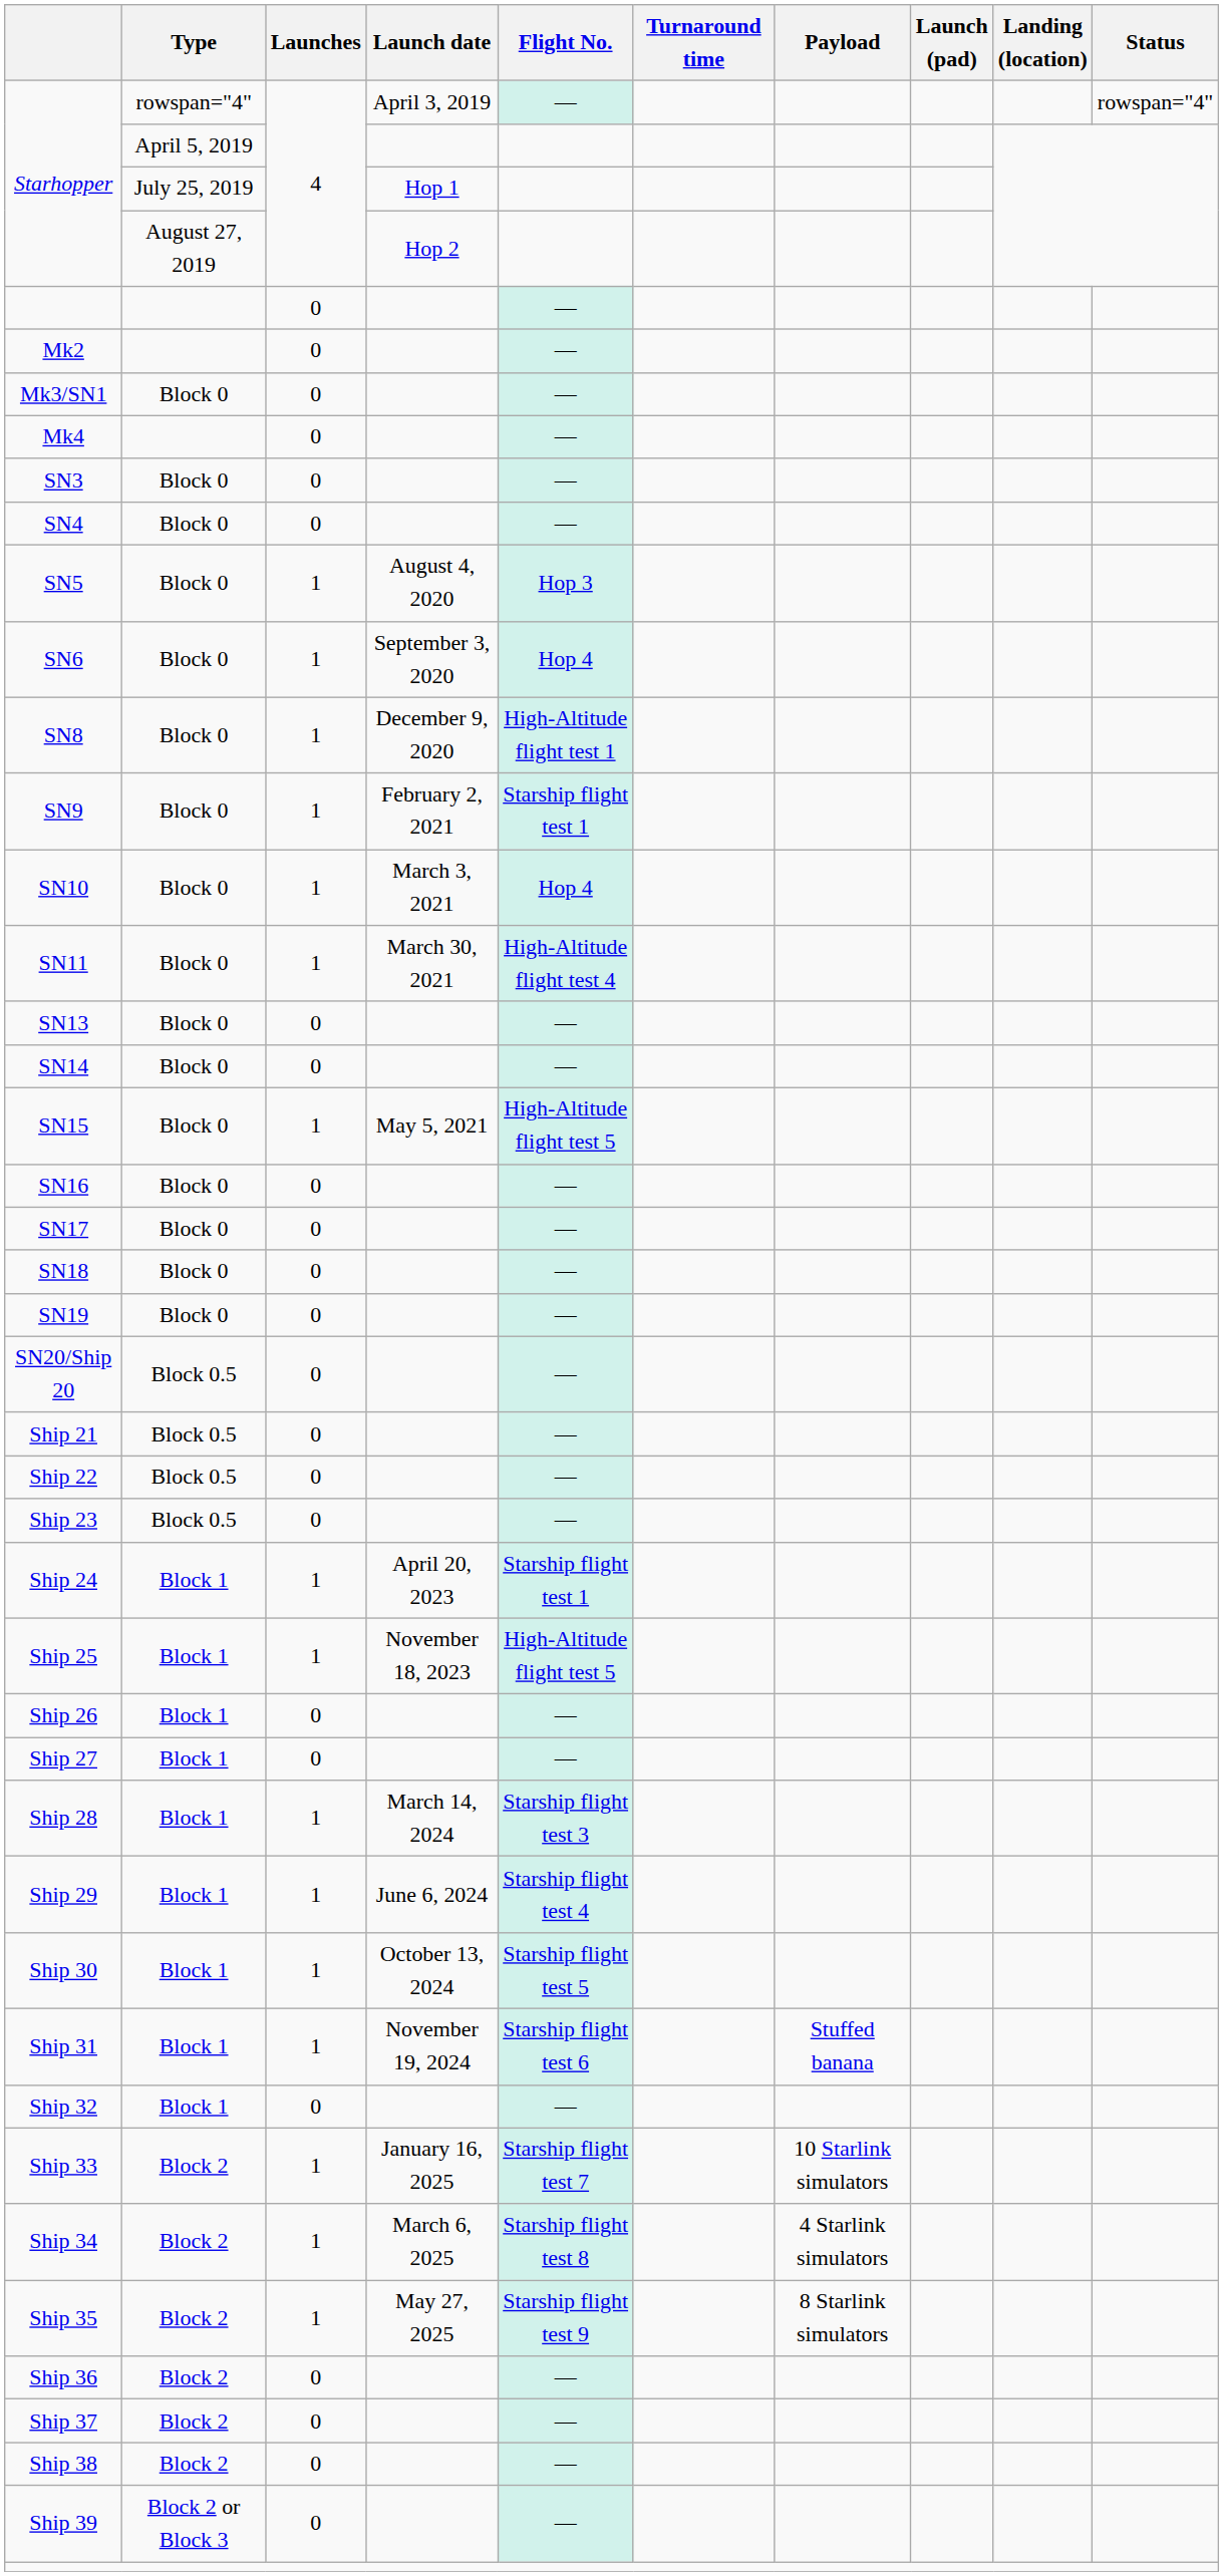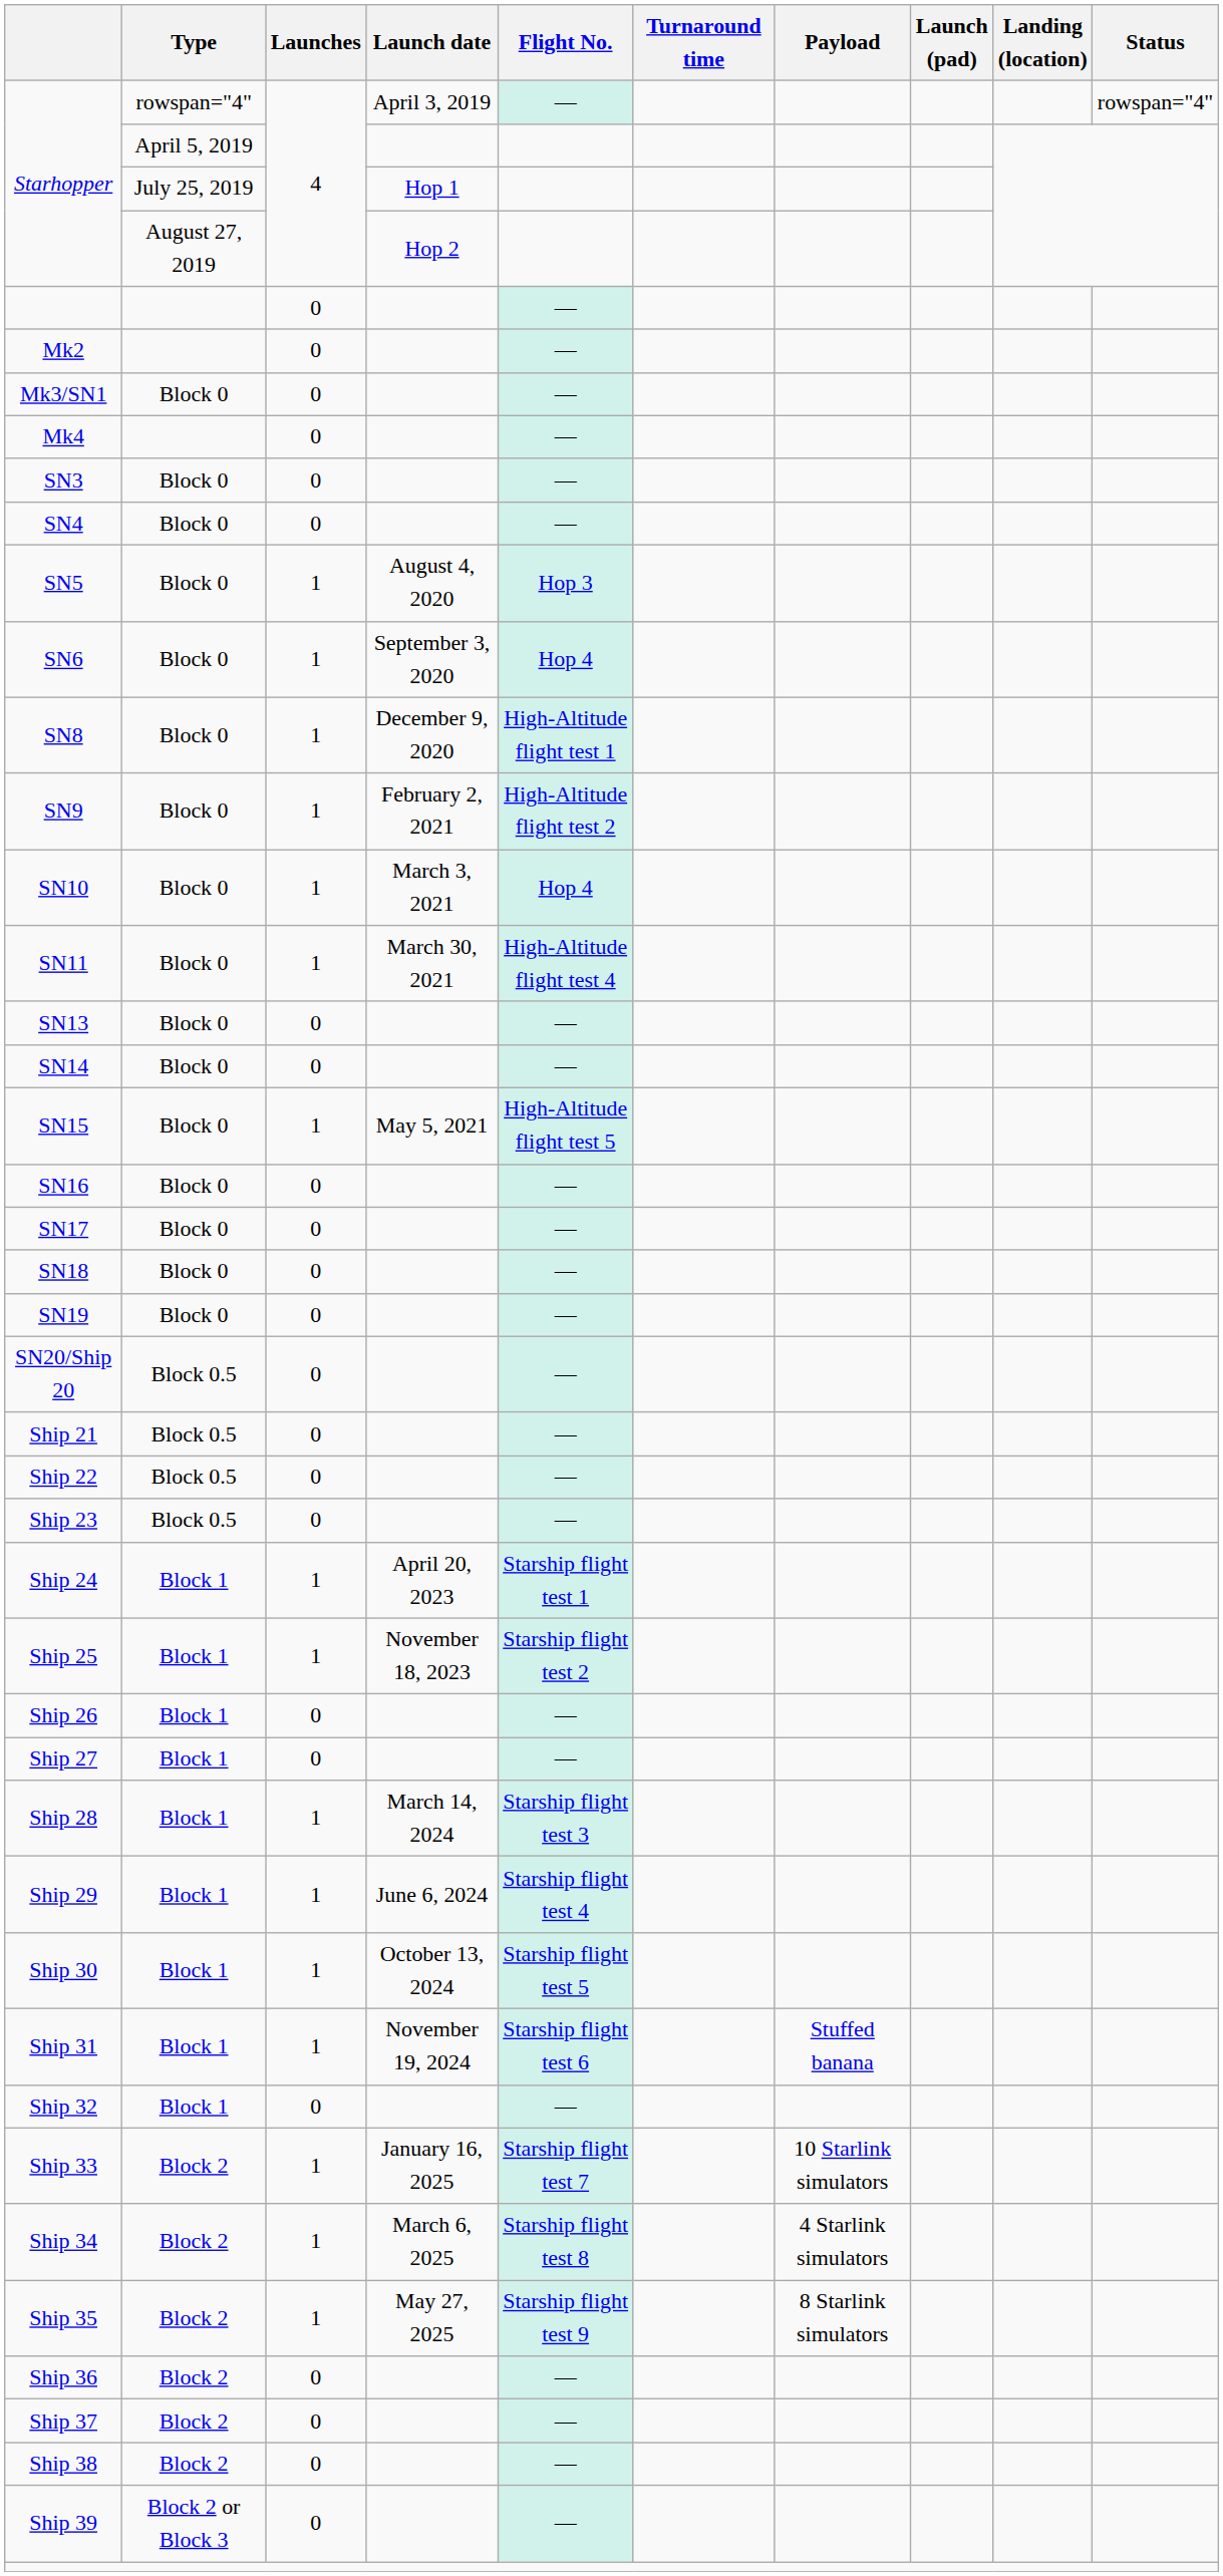 <table class="wikitable sortable sticky-header" style="font-size:1.00em; line-height:1.5em; text-align:center; width: 100%;">
 <tr>
 <th></th>
 <th>Type</th>
 <th>Launches</th>
 <th>Launch date</th>
 <th data-sort-type="text"><a href='#'>Flight No.</a></th>
 <th><a href='#'>Turnaround time</a></th>
 <th>Payload</th>
 <th>Launch<br>(pad)</th>
 <th>Landing<br>(location)</th>
 <th>Status</th>
 </tr>
 <tr>
 <td rowspan="4"><a href='#'><em>Starhopper</em></a></td>
 <td>rowspan="4" </td>
 <td rowspan="4">4</td>
 <td>April 3, 2019</td>
 <td style="background:#D1F2EB">—</td>
 <td></td>
 <td></td>
 <td></td>
 <td></td>
 <td>rowspan="4" </td>
 </tr>
 <tr>
 <td>April 5, 2019</td>
 <td></td>
 <td></td>
 <td></td>
 <td></td>
 <td></td>
 </tr>
 <tr>
 <td>July 25, 2019</td>
 <td><a href='#'>Hop 1</a></td>
 <td></td>
 <td></td>
 <td></td>
 <td></td>
 </tr>
 <tr>
 <td>August 27, 2019</td>
 <td><a href='#'>Hop 2</a></td>
 <td></td>
 <td></td>
 <td></td>
 <td></td>
 </tr>
 <tr>
 <td><a href='#'></a></td>
 <td></td>
 <td>0</td>
 <td></td>
 <td style="background:#D1F2EB">—</td>
 <td></td>
 <td></td>
 <td></td>
 <td></td>
 <td></td>
 </tr>
 <tr>
 <td><a href='#'>Mk2</a></td>
 <td></td>
 <td>0</td>
 <td></td>
 <td style="background:#D1F2EB">—</td>
 <td></td>
 <td></td>
 <td></td>
 <td></td>
 <td></td>
 </tr>
 <tr>
 <td><a href='#'>Mk3/SN1</a></td>
 <td>Block 0</td>
 <td>0</td>
 <td></td>
 <td style="background:#D1F2EB">—</td>
 <td></td>
 <td></td>
 <td></td>
 <td></td>
 <td></td>
 </tr>
 <tr>
 <td><a href='#'>Mk4</a></td>
 <td></td>
 <td>0</td>
 <td></td>
 <td style="background:#D1F2EB">—</td>
 <td></td>
 <td></td>
 <td></td>
 <td></td>
 <td></td>
 </tr>
 <tr>
 <td><a href='#'>SN3</a></td>
 <td>Block 0</td>
 <td>0</td>
 <td></td>
 <td style="background:#D1F2EB">—</td>
 <td></td>
 <td></td>
 <td></td>
 <td></td>
 <td></td>
 </tr>
 <tr>
 <td><a href='#'>SN4</a></td>
 <td>Block 0</td>
 <td>0</td>
 <td></td>
 <td style="background:#D1F2EB">—</td>
 <td></td>
 <td></td>
 <td></td>
 <td></td>
 <td></td>
 </tr>
 <tr>
 <td><a href='#'>SN5</a></td>
 <td>Block 0</td>
 <td>1</td>
 <td>August 4, 2020</td>
 <td style="background:#D1F2EB"><a href='#'>Hop 3</a></td>
 <td></td>
 <td></td>
 <td></td>
 <td></td>
 <td></td>
 </tr>
 <tr>
 <td><a href='#'>SN6</a></td>
 <td>Block 0</td>
 <td>1</td>
 <td>September 3, 2020</td>
 <td style="background:#D1F2EB"><a href='#'>Hop 4</a></td>
 <td></td>
 <td></td>
 <td></td>
 <td></td>
 <td></td>
 </tr>
 <tr>
 <td><a href='#'>SN8</a></td>
 <td>Block 0</td>
 <td>1</td>
 <td>December 9, 2020</td>
 <td style="background:#D1F2EB"><a href='#'>High-Altitude flight test 1</a></td>
 <td></td>
 <td></td>
 <td></td>
 <td></td>
 <td></td>
 </tr>
 <tr>
 <td><a href='#'>SN9</a></td>
 <td>Block 0</td>
 <td>1</td>
 <td>February 2, 2021</td>
-<td style="background:#D1F2EB"><a href='#'>Starship flight test 1</a></td>
+<td style="background:#D1F2EB"><a href='#'>High-Altitude flight test 2</a></td>
 <td></td>
 <td></td>
 <td></td>
 <td></td>
 <td></td>
 </tr>
 <tr>
 <td><a href='#'>SN10</a></td>
 <td>Block 0</td>
 <td>1</td>
 <td>March 3, 2021</td>
 <td style="background:#D1F2EB"><a href='#'>Hop 4</a></td>
 <td></td>
 <td></td>
 <td></td>
 <td></td>
 <td></td>
 </tr>
 <tr>
 <td><a href='#'>SN11</a></td>
 <td>Block 0</td>
 <td>1</td>
 <td>March 30, 2021</td>
 <td style="background:#D1F2EB"><a href='#'>High-Altitude flight test 4</a></td>
 <td></td>
 <td></td>
 <td></td>
 <td></td>
 <td></td>
 </tr>
 <tr>
 <td><a href='#'>SN13</a></td>
 <td>Block 0</td>
 <td>0</td>
 <td></td>
 <td style="background:#D1F2EB">—</td>
 <td></td>
 <td></td>
 <td></td>
 <td></td>
 <td></td>
 </tr>
 <tr>
 <td><a href='#'>SN14</a></td>
 <td>Block 0</td>
 <td>0</td>
 <td></td>
 <td style="background:#D1F2EB">—</td>
 <td></td>
 <td></td>
 <td></td>
 <td></td>
 <td></td>
 </tr>
 <tr>
 <td><a href='#'>SN15</a></td>
 <td>Block 0</td>
 <td>1</td>
 <td>May 5, 2021</td>
 <td style="background:#D1F2EB"><a href='#'>High-Altitude flight test 5</a></td>
 <td></td>
 <td></td>
 <td></td>
 <td></td>
 <td></td>
 </tr>
 <tr>
 <td><a href='#'>SN16</a></td>
 <td>Block 0</td>
 <td>0</td>
 <td></td>
 <td style="background:#D1F2EB">—</td>
 <td></td>
 <td></td>
 <td></td>
 <td></td>
 <td></td>
 </tr>
 <tr>
 <td><a href='#'>SN17</a></td>
 <td>Block 0</td>
 <td>0</td>
 <td></td>
 <td style="background:#D1F2EB">—</td>
 <td></td>
 <td></td>
 <td></td>
 <td></td>
 <td></td>
 </tr>
 <tr>
 <td><a href='#'>SN18</a></td>
 <td>Block 0</td>
 <td>0</td>
 <td></td>
 <td style="background:#D1F2EB">—</td>
 <td></td>
 <td></td>
 <td></td>
 <td></td>
 <td></td>
 </tr>
 <tr>
 <td><a href='#'>SN19</a></td>
 <td>Block 0</td>
 <td>0</td>
 <td></td>
 <td style="background:#D1F2EB">—</td>
 <td></td>
 <td></td>
 <td></td>
 <td></td>
 <td></td>
 </tr>
 <tr>
 <td><a href='#'>SN20/Ship 20</a></td>
 <td>Block 0.5</td>
 <td>0</td>
 <td></td>
 <td style="background:#D1F2EB">—</td>
 <td></td>
 <td></td>
 <td></td>
 <td></td>
 <td></td>
 </tr>
 <tr>
 <td><a href='#'>Ship 21</a></td>
 <td>Block 0.5</td>
 <td>0</td>
 <td></td>
 <td style="background:#D1F2EB">—</td>
 <td></td>
 <td></td>
 <td></td>
 <td></td>
 <td></td>
 </tr>
 <tr>
 <td><a href='#'>Ship 22</a></td>
 <td>Block 0.5</td>
 <td>0</td>
 <td></td>
 <td style="background:#D1F2EB">—</td>
 <td></td>
 <td></td>
 <td></td>
 <td></td>
 <td></td>
 </tr>
 <tr>
 <td><a href='#'>Ship 23</a></td>
 <td>Block 0.5</td>
 <td>0</td>
 <td></td>
 <td style="background:#D1F2EB">—</td>
 <td></td>
 <td></td>
 <td></td>
 <td></td>
 <td></td>
 </tr>
 <tr>
 <td><a href='#'>Ship 24</a></td>
 <td><a href='#'>Block 1</a></td>
 <td>1</td>
 <td>April 20, 2023</td>
 <td style="background:#D1F2EB"><a href='#'>Starship flight test 1</a></td>
 <td></td>
 <td></td>
 <td></td>
 <td></td>
 <td></td>
 </tr>
 <tr>
 <td><a href='#'>Ship 25</a></td>
 <td><a href='#'>Block 1</a></td>
 <td>1</td>
 <td>November 18, 2023</td>
-<td style="background:#D1F2EB"><a href='#'>High-Altitude flight test 5</a></td>
+<td style="background:#D1F2EB"><a href='#'>Starship flight test 2</a></td>
 <td></td>
 <td></td>
 <td></td>
 <td></td>
 <td></td>
 </tr>
 <tr>
 <td><a href='#'>Ship 26</a></td>
 <td><a href='#'>Block 1</a></td>
 <td>0</td>
 <td></td>
 <td style="background:#D1F2EB">—</td>
 <td></td>
 <td></td>
 <td></td>
 <td></td>
 <td></td>
 </tr>
 <tr>
 <td><a href='#'>Ship 27</a></td>
 <td><a href='#'>Block 1</a></td>
 <td>0</td>
 <td></td>
 <td style="background:#D1F2EB">—</td>
 <td></td>
 <td></td>
 <td></td>
 <td></td>
 <td></td>
 </tr>
 <tr>
 <td><a href='#'>Ship 28</a></td>
 <td><a href='#'>Block 1</a></td>
 <td>1</td>
 <td>March 14, 2024</td>
 <td style="background:#D1F2EB"><a href='#'>Starship flight test 3</a></td>
 <td></td>
 <td></td>
 <td></td>
 <td></td>
 <td></td>
 </tr>
 <tr>
 <td><a href='#'>Ship 29</a></td>
 <td><a href='#'>Block 1</a></td>
 <td>1</td>
 <td>June 6, 2024</td>
 <td style="background:#D1F2EB"><a href='#'>Starship flight test 4</a></td>
 <td></td>
 <td></td>
 <td></td>
 <td></td>
 <td></td>
 </tr>
 <tr>
 <td><a href='#'>Ship 30</a></td>
 <td><a href='#'>Block 1</a></td>
 <td>1</td>
 <td>October 13, 2024</td>
 <td style="background:#D1F2EB"><a href='#'>Starship flight test 5</a></td>
 <td></td>
 <td></td>
 <td></td>
 <td></td>
 <td></td>
 </tr>
 <tr>
 <td><a href='#'>Ship 31</a></td>
 <td><a href='#'>Block 1</a></td>
 <td>1</td>
 <td>November 19, 2024</td>
 <td style="background:#D1F2EB"><a href='#'>Starship flight test 6</a></td>
 <td></td>
 <td><a href='#'>Stuffed banana</a></td>
 <td></td>
 <td></td>
 <td></td>
 </tr>
 <tr>
 <td><a href='#'>Ship 32</a></td>
 <td><a href='#'>Block 1</a></td>
 <td>0</td>
 <td></td>
 <td style="background:#D1F2EB">—</td>
 <td></td>
 <td></td>
 <td></td>
 <td></td>
 <td></td>
 </tr>
 <tr>
 <td><a href='#'>Ship 33</a></td>
 <td><a href='#'>Block 2</a></td>
 <td>1</td>
 <td>January 16, 2025</td>
 <td style="background:#D1F2EB"><a href='#'>Starship flight test 7</a></td>
 <td></td>
 <td>10 <a href='#'>Starlink</a> simulators</td>
 <td></td>
 <td></td>
 <td></td>
 </tr>
 <tr>
 <td><a href='#'>Ship 34</a></td>
 <td><a href='#'>Block 2</a></td>
 <td>1</td>
 <td>March 6, 2025</td>
 <td style="background:#D1F2EB"><a href='#'>Starship flight test 8</a></td>
 <td></td>
 <td>4 Starlink simulators</td>
 <td></td>
 <td></td>
 <td></td>
 </tr>
 <tr>
 <td><a href='#'>Ship 35</a></td>
 <td><a href='#'>Block 2</a></td>
 <td>1</td>
 <td>May 27, 2025</td>
 <td style="background:#D1F2EB"><a href='#'>Starship flight test 9</a></td>
 <td></td>
 <td>8 Starlink simulators</td>
 <td></td>
 <td></td>
 <td></td>
 </tr>
 <tr>
 <td><a href='#'>Ship 36</a></td>
 <td><a href='#'>Block 2</a></td>
 <td>0</td>
 <td></td>
 <td style="background:#D1F2EB">—</td>
 <td></td>
 <td></td>
 <td></td>
 <td></td>
 <td></td>
 </tr>
 <tr>
 <td><a href='#'>Ship 37</a></td>
 <td><a href='#'>Block 2</a></td>
 <td>0</td>
 <td></td>
 <td style="background:#D1F2EB">—</td>
 <td></td>
 <td></td>
 <td></td>
 <td></td>
 <td></td>
 </tr>
 <tr>
 <td><a href='#'>Ship 38</a></td>
 <td><a href='#'>Block 2</a></td>
 <td>0</td>
 <td></td>
 <td style="background:#D1F2EB">—</td>
 <td></td>
 <td></td>
 <td></td>
 <td></td>
 <td></td>
 </tr>
 <tr>
 <td><a href='#'>Ship 39</a></td>
 <td><a href='#'>Block 2</a> or <a href='#'>Block 3</a></td>
 <td>0</td>
 <td></td>
 <td style="background:#D1F2EB">—</td>
 <td></td>
 <td></td>
 <td></td>
 <td></td>
 <td></td>
 </tr>
 <tr class="sortbottom">
 <td colspan="10"></td>
 </tr>
 </table>
